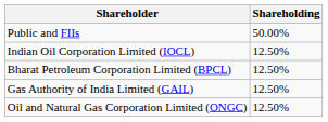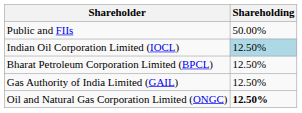 <table class="wikitable">
 <tr>
 <th>Shareholder</th>
 <th>Shareholding</th>
 </tr>
 <tr>
 <td>Public and <a href='#'>FIIs</a></td>
 <td>50.00%</td>
 </tr>
 <tr>
 <td>Indian Oil Corporation Limited (<a href='#'>IOCL</a>)</td>
-<td>12.50%</td>
+<td style="background: lightblue;">12.50%</td>
 </tr>
 <tr>
 <td>Bharat Petroleum Corporation Limited (<a href='#'>BPCL</a>)</td>
 <td>12.50%</td>
 </tr>
 <tr>
 <td>Gas Authority of India Limited (<a href='#'>GAIL</a>)</td>
 <td>12.50%</td>
 </tr>
 <tr>
 <td>Oil and Natural Gas Corporation Limited (<a href='#'>ONGC</a>)</td>
-<td>12.50%</td>
+<td><strong>12.50%</strong></td>
 </tr>
 </table>
